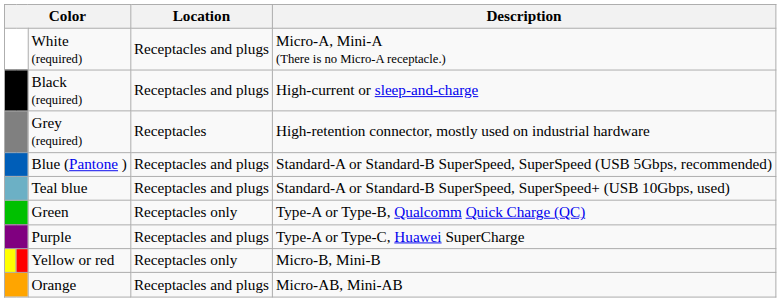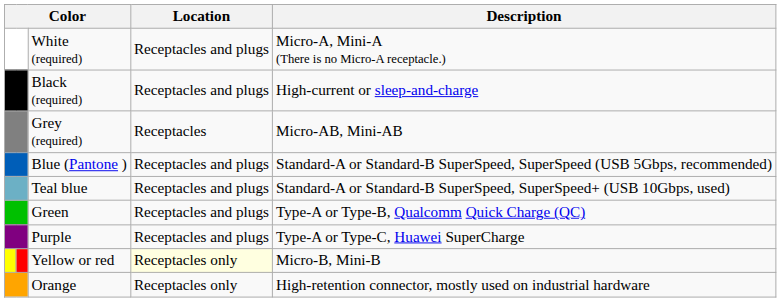 <table class="wikitable">
 <tr>
 <th colspan="7">Color</th>
 <th>Location</th>
 <th>Description</th>
 </tr>
 <tr>
 <td colspan="6" style="background-color:white; width:5px;" class="mw-no-invert"></td>
 <td>White<br><small>(required)</small></td>
 <td>Receptacles and plugs</td>
 <td>Micro‑A, Mini‑A<br><small>(There is no Micro‑A receptacle.)</small></td>
 </tr>
 <tr>
 <td colspan="6" style="background-color:black; width:5px;" class="mw-no-invert"></td>
 <td>Black<br><small>(required)</small></td>
 <td>Receptacles and plugs</td>
 <td>High-current or <a href='#'>sleep-and-charge</a></td>
 </tr>
 <tr>
 <td colspan="6" style="background-color:grey; width:5px;" class="mw-no-invert"></td>
 <td>Grey<br><small>(required)</small></td>
 <td>Receptacles</td>
-<td>High-retention connector, mostly used on industrial hardware</td>
+<td>Micro‑AB, Mini‑AB</td>
 </tr>
 <tr>
 <td colspan="6" style="background-color:#005eb8; width:5px;" class="mw-no-invert"></td>
 <td>Blue (<a href='#'>Pantone</a> )</td>
 <td>Receptacles and plugs</td>
 <td>Standard‑A or Standard-B SuperSpeed, SuperSpeed (USB 5Gbps, recommended)</td>
 </tr>
 <tr>
 <td colspan="6" style="background-color:#6cb0c5; width:5px;" class="mw-no-invert"></td>
 <td>Teal blue</td>
 <td>Receptacles and plugs</td>
 <td>Standard‑A or Standard-B SuperSpeed, SuperSpeed+ (USB 10Gbps, used)</td>
 </tr>
 <tr>
 <td colspan="6" style="background-color:#00C000; width:5px;" class="mw-no-invert"></td>
 <td>Green</td>
-<td>Receptacles only</td>
+<td>Receptacles and plugs</td>
 <td>Type‑A or Type‑B, <a href='#'>Qualcomm</a> <a href='#'>Quick Charge (QC)</a></td>
 </tr>
 <tr>
 <td colspan="6" style="background-color:#800080; width:5px;" class="mw-no-invert"></td>
 <td>Purple</td>
 <td>Receptacles and plugs</td>
 <td>Type‑A or Type‑C, <a href='#'>Huawei</a> SuperCharge</td>
 </tr>
 <tr>
 <td colspan="3" style="background-color:yellow; width:5px;" class="mw-no-invert"></td>
 <td colspan="3" style="background-color:red; width:5px;" class="mw-no-invert"></td>
 <td>Yellow or red</td>
-<td>Receptacles only</td>
+<td style="background: lightyellow;">Receptacles only</td>
 <td>Micro‑B, Mini‑B</td>
 </tr>
 <tr>
 <td colspan="6" style="background-color:orange; width:5px;" class="mw-no-invert"></td>
 <td>Orange</td>
-<td>Receptacles and plugs</td>
-<td>Micro‑AB, Mini‑AB</td>
+<td>Receptacles only</td>
+<td>High-retention connector, mostly used on industrial hardware</td>
 </tr>
 </table>
